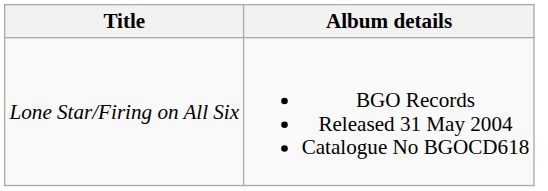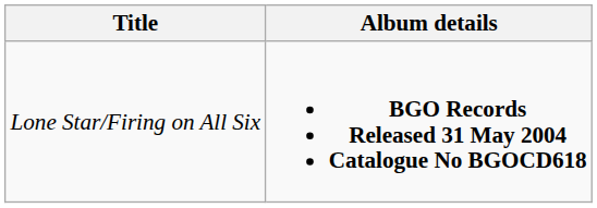 <table class="wikitable plainrowheaders" style="text-align:center;" border="1">
 <tr>
 <th>Title</th>
 <th>Album details</th>
 </tr>
 <tr>
 <td><em>Lone Star/Firing on All Six</em></td>
-<td><br><ul><li>BGO Records</li><li>Released 31 May 2004</li><li>Catalogue No BGOCD618</li></ul></td>
+<td><strong><br><ul><li>BGO Records</li><li>Released 31 May 2004</li><li>Catalogue No BGOCD618</li></ul></strong></td>
 </tr>
 </table>
